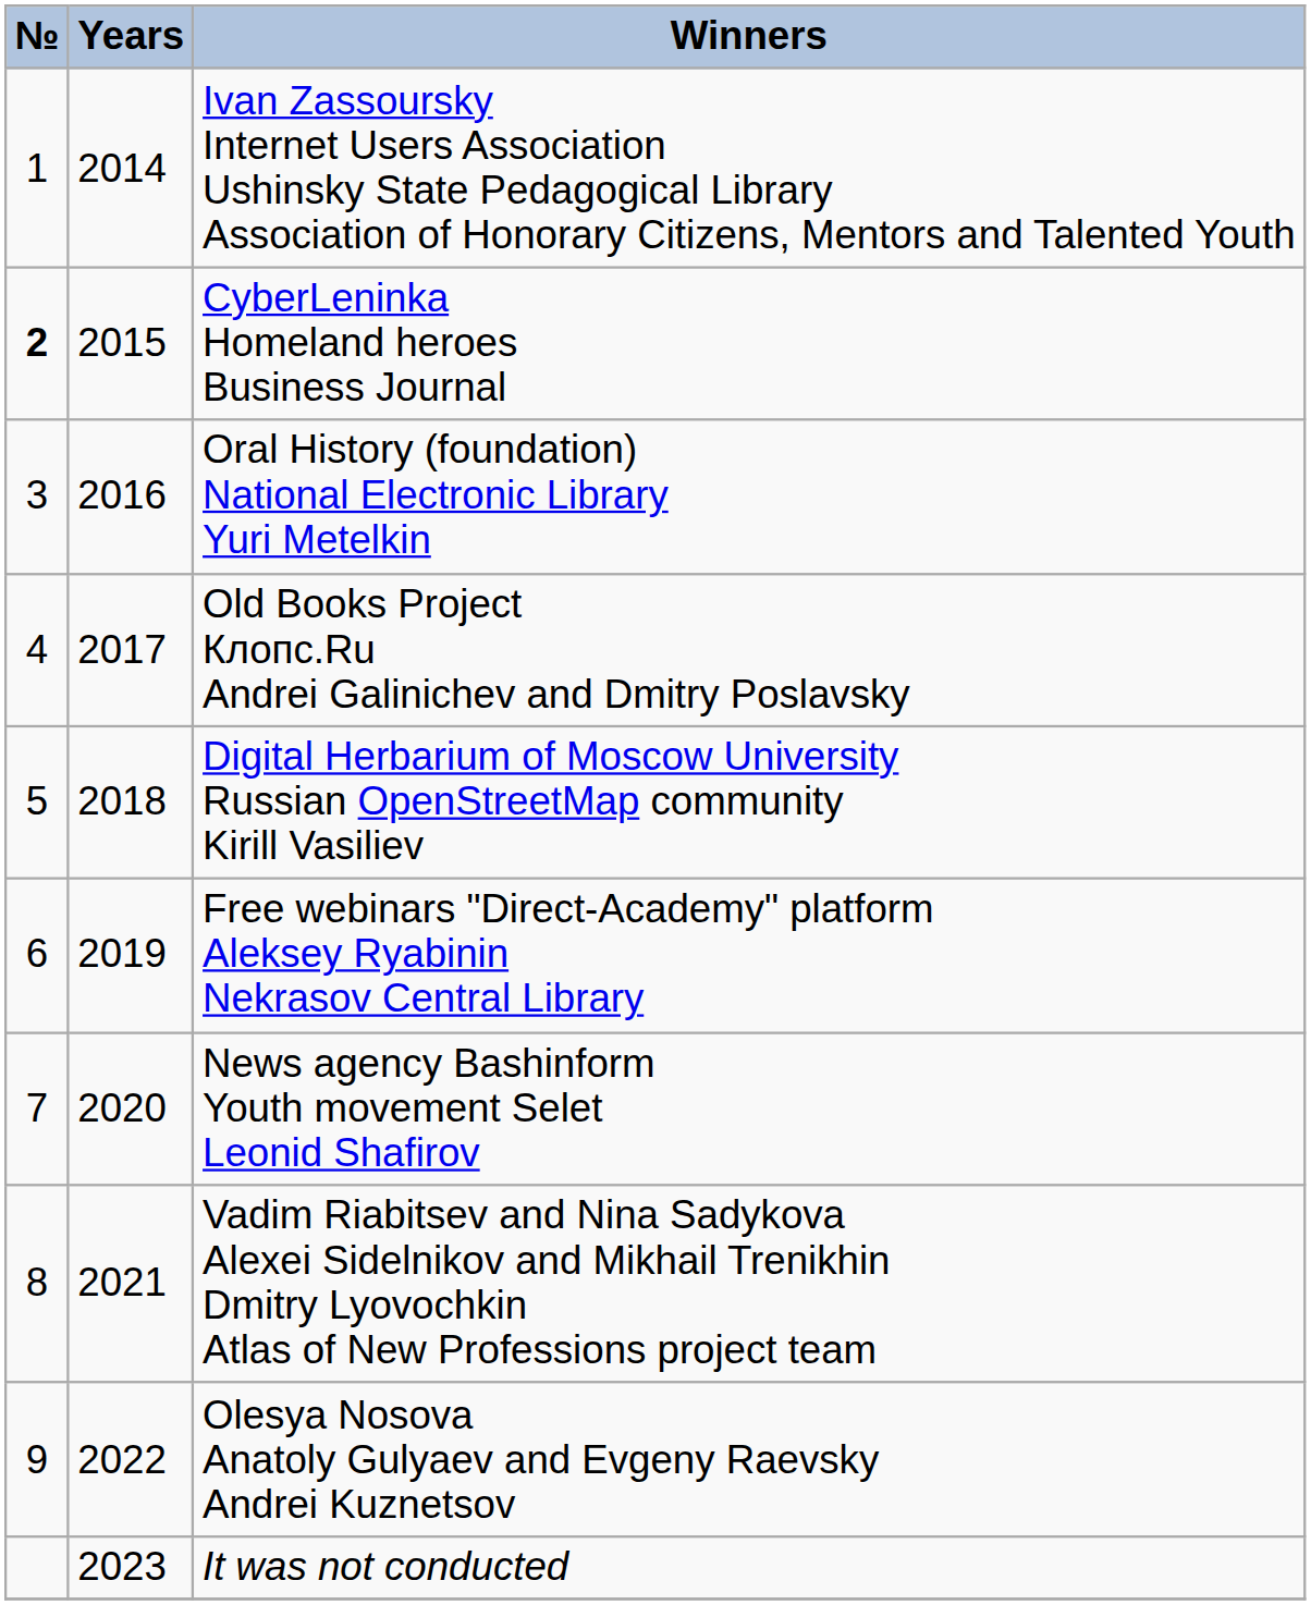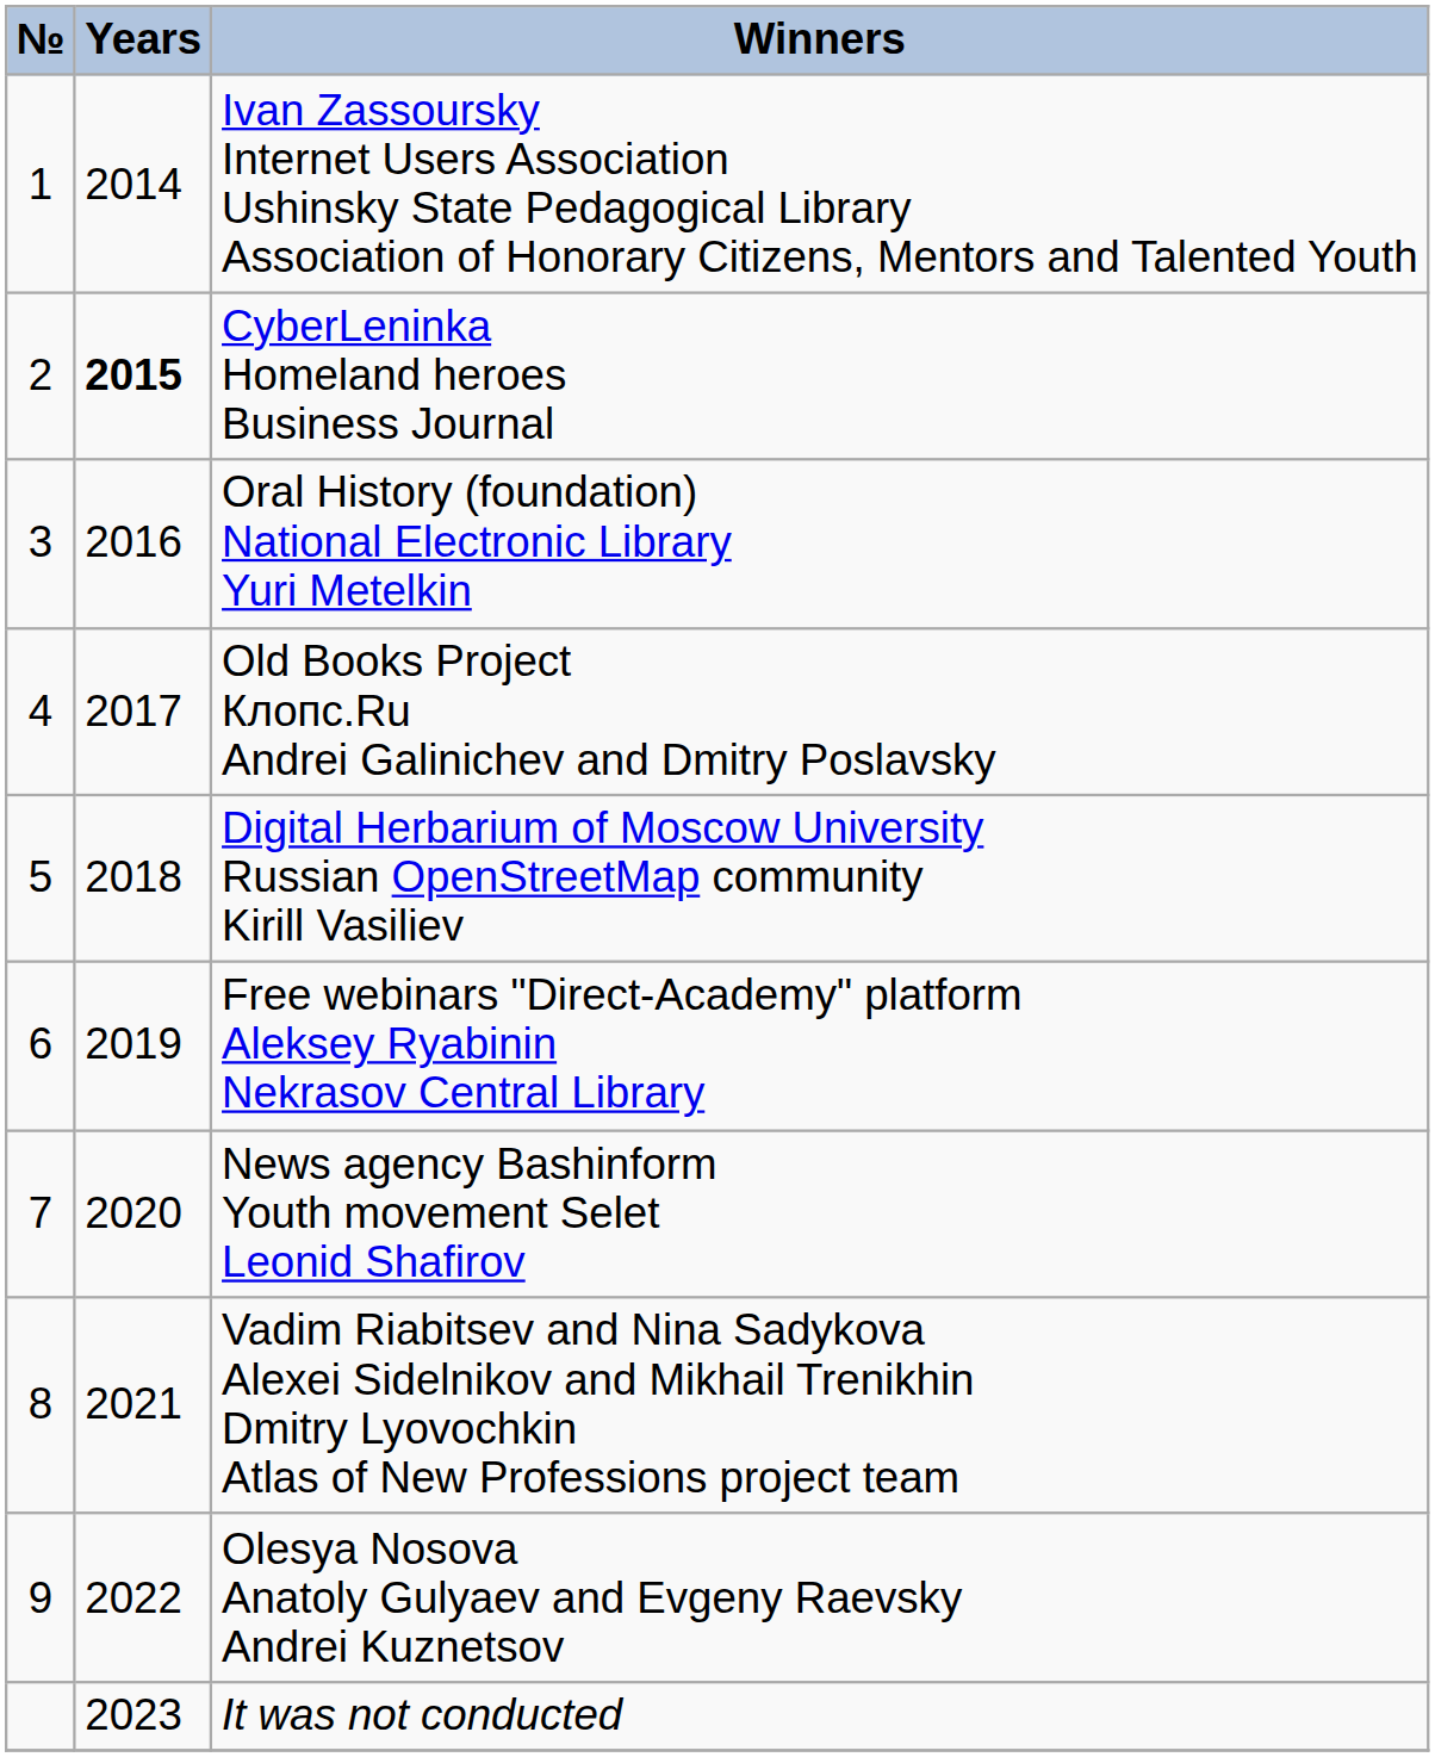 <table class="wikitable">
 <tr>
 <th style="background:#B0C4DE">№</th>
 <th style="background:#B0C4DE">Years</th>
 <th style="background:#B0C4DE">Winners</th>
 </tr>
 <tr>
 <td align="center">1</td>
 <td>2014</td>
 <td><a href='#'>Ivan Zassoursky</a>  <br> Internet Users Association <br> Ushinsky State Pedagogical Library <br> Association of Honorary Citizens, Mentors and Talented Youth</td>
 </tr>
 <tr>
-<td align="center"><strong>2</strong></td>
-<td>2015</td>
+<td align="center">2</td>
+<td><strong>2015</strong></td>
 <td><a href='#'>CyberLeninka</a>  <br> Homeland heroes <br> Business Journal</td>
 </tr>
 <tr>
 <td align="center">3</td>
 <td>2016</td>
 <td>Oral History (foundation) <br> <a href='#'>National Electronic Library</a>  <br> <a href='#'>Yuri Metelkin</a></td>
 </tr>
 <tr>
 <td align="center">4</td>
 <td>2017</td>
 <td>Old Books Project <br> Клопс.Ru <br>  Andrei Galinichev and Dmitry Poslavsky</td>
 </tr>
 <tr>
 <td align="center">5</td>
 <td>2018</td>
 <td><a href='#'>Digital Herbarium of Moscow University</a>  <br>   Russian <a href='#'>OpenStreetMap</a> community  <br> Kirill Vasiliev</td>
 </tr>
 <tr>
 <td align="center">6</td>
 <td>2019</td>
 <td>Free webinars "Direct-Academy" platform <br> <a href='#'>Aleksey Ryabinin</a> <br> <a href='#'>Nekrasov Central Library</a></td>
 </tr>
 <tr>
 <td align="center">7</td>
 <td>2020</td>
 <td>News agency Bashinform <br> Youth movement Selet <br> <a href='#'>Leonid Shafirov</a></td>
 </tr>
 <tr>
 <td align="center">8</td>
 <td>2021</td>
 <td>Vadim Riabitsev and Nina Sadykova <br> Alexei Sidelnikov and Mikhail Trenikhin <br> Dmitry Lyovochkin <br> Atlas of New Professions project team</td>
 </tr>
 <tr>
 <td align="center">9</td>
 <td>2022</td>
 <td>Olesya Nosova <br>  Anatoly Gulyaev and Evgeny Raevsky <br> Andrei Kuznetsov</td>
 </tr>
 <tr>
 <td align="center"></td>
 <td>2023</td>
 <td><em>It was not conducted</em></td>
 </tr>
 <tr>
 </tr>
 </table>
